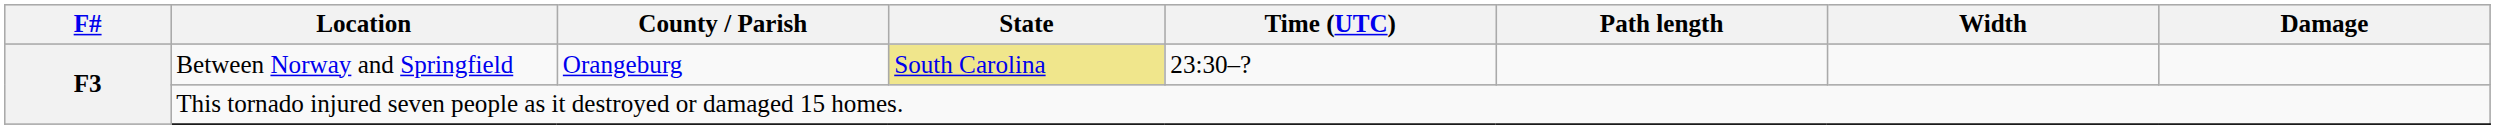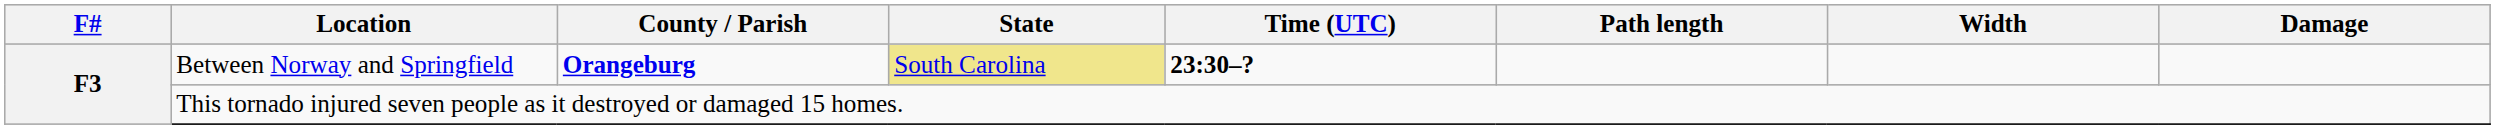 <table class="wikitable sortable" style="width:100%;">
 <tr>
 <th scope="col"  style="width:3%; text-align:center;"><a href='#'>F#</a></th>
 <th scope="col"  style="width:7%; text-align:center;" class="unsortable">Location</th>
 <th scope="col"  style="width:6%; text-align:center;" class="unsortable">County / Parish</th>
 <th scope="col"  style="width:5%; text-align:center;">State</th>
 <th scope="col"  style="width:6%; text-align:center;">Time (<a href='#'>UTC</a>)</th>
 <th scope="col"  style="width:6%; text-align:center;">Path length</th>
 <th scope="col"  style="width:6%; text-align:center;">Width</th>
 <th scope="col"  style="width:6%; text-align:center;">Damage</th>
 </tr>
 <tr>
 <th scope="row" rowspan="2" style="background-color:#">F3</th>
 <td>Between <a href='#'>Norway</a> and <a href='#'>Springfield</a></td>
-<td><a href='#'>Orangeburg</a></td>
+<td><strong><a href='#'>Orangeburg</a></strong></td>
 <td style="background: khaki;"><a href='#'>South Carolina</a></td>
-<td>23:30–?</td>
+<td><strong>23:30–?</strong></td>
 <td></td>
 <td></td>
 <td></td>
 </tr>
 <tr class="expand-child">
 <td colspan="7" style=" border-bottom: 1px solid black;">This tornado injured seven people as it destroyed or damaged 15 homes.</td>
 </tr>
 </table>
